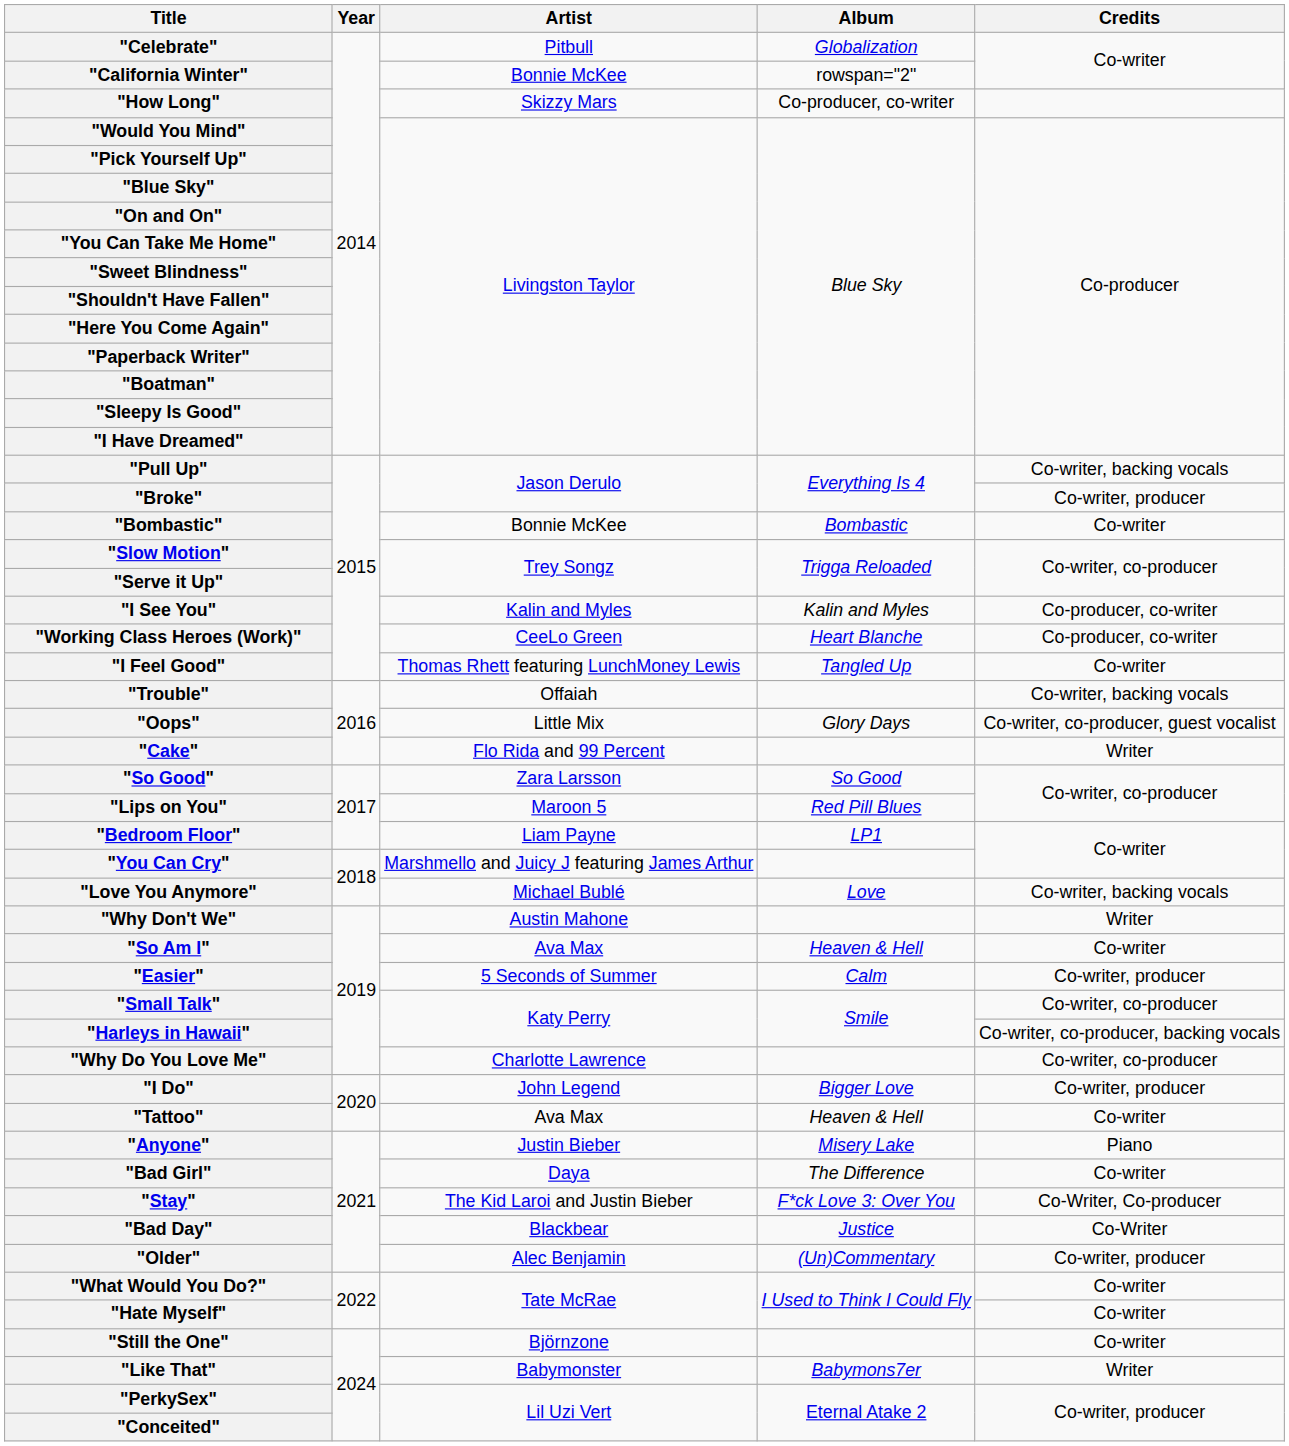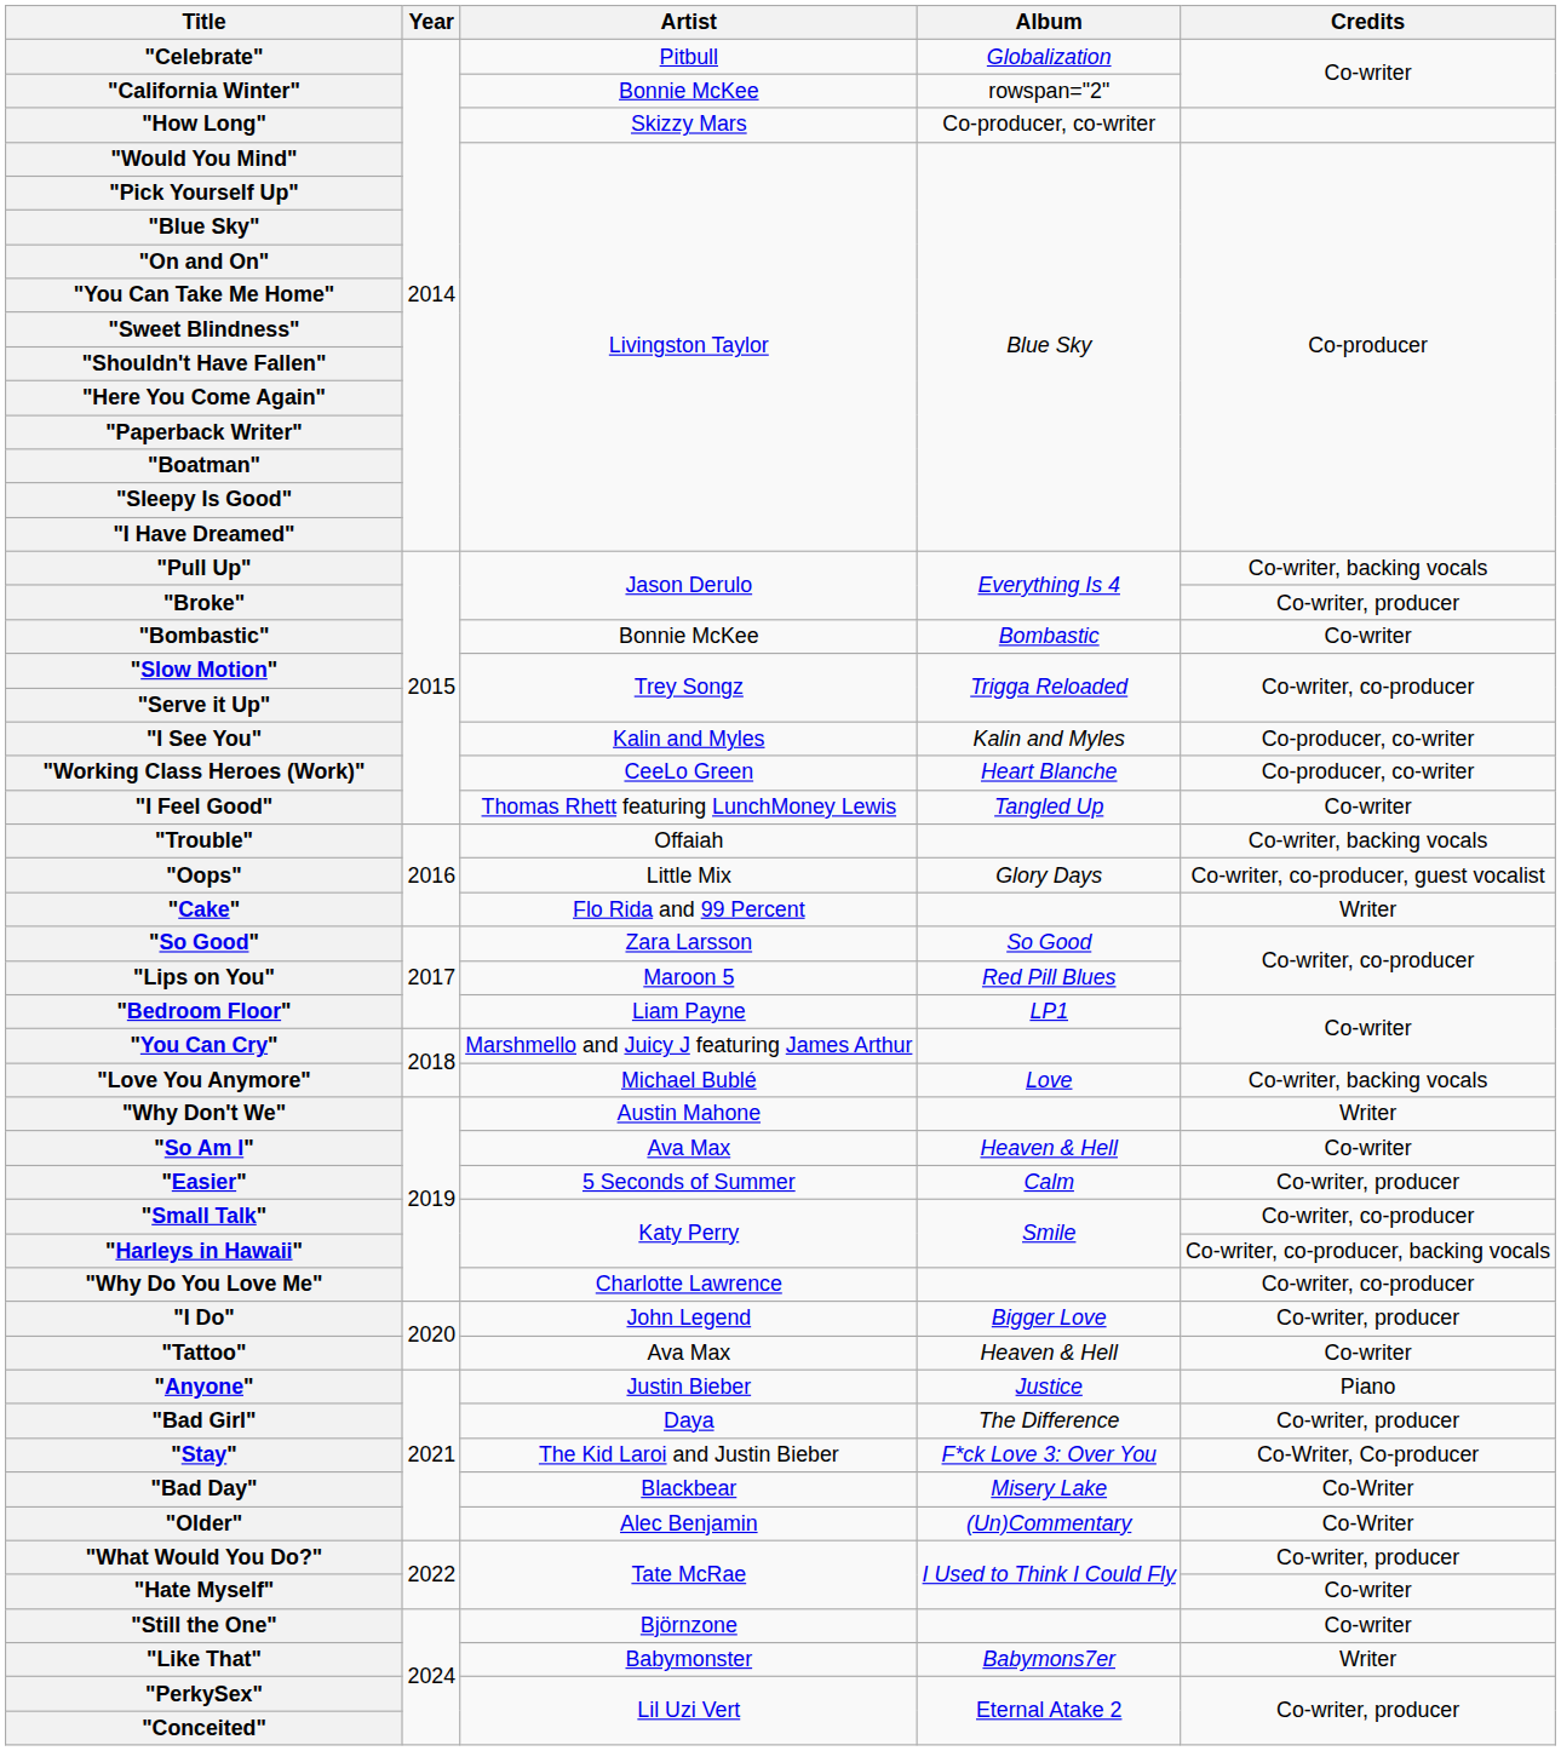 <table class="wikitable plainrowheaders" style="text-align:center;">
 <tr>
 <th scope="col" style="width:18em;">Title</th>
 <th scope="col">Year</th>
 <th scope="col">Artist</th>
 <th scope="col">Album</th>
 <th scope="col">Credits</th>
 </tr>
 <tr>
 <th scope="row">"Celebrate"</th>
 <td rowspan="15">2014</td>
 <td><a href='#'>Pitbull</a></td>
 <td><em><a href='#'>Globalization</a></em></td>
 <td rowspan="2">Co-writer</td>
 </tr>
 <tr>
 <th scope="row">"California Winter"</th>
 <td><a href='#'>Bonnie McKee</a></td>
 <td>rowspan="2" </td>
 </tr>
 <tr>
 <th scope="row">"How Long"</th>
 <td><a href='#'>Skizzy Mars</a></td>
 <td>Co-producer, co-writer</td>
 </tr>
 <tr>
 <th scope="row">"Would You Mind"</th>
 <td rowspan="12"><a href='#'>Livingston Taylor</a></td>
 <td rowspan="12"><em>Blue Sky</em></td>
 <td rowspan="12">Co-producer</td>
 </tr>
 <tr>
 <th scope="row">"Pick Yourself Up"</th>
 </tr>
 <tr>
 <th scope="row">"Blue Sky"</th>
 </tr>
 <tr>
 <th scope="row">"On and On"</th>
 </tr>
 <tr>
 <th scope="row">"You Can Take Me Home"</th>
 </tr>
 <tr>
 <th scope="row">"Sweet Blindness"</th>
 </tr>
 <tr>
 <th scope="row">"Shouldn't Have Fallen"</th>
 </tr>
 <tr>
 <th scope="row">"Here You Come Again"</th>
 </tr>
 <tr>
 <th scope="row">"Paperback Writer"</th>
 </tr>
 <tr>
 <th scope="row">"Boatman"</th>
 </tr>
 <tr>
 <th scope="row">"Sleepy Is Good"</th>
 </tr>
 <tr>
 <th scope="row">"I Have Dreamed"</th>
 </tr>
 <tr>
 <th scope="row">"Pull Up"</th>
 <td rowspan="8">2015</td>
 <td rowspan="2"><a href='#'>Jason Derulo</a></td>
 <td rowspan="2"><em><a href='#'>Everything Is 4</a></em></td>
 <td>Co-writer, backing vocals</td>
 </tr>
 <tr>
 <th scope="row">"Broke"</th>
 <td>Co-writer, producer</td>
 </tr>
 <tr>
 <th scope="row">"Bombastic"</th>
 <td>Bonnie McKee</td>
 <td><em><a href='#'>Bombastic</a></em></td>
 <td>Co-writer</td>
 </tr>
 <tr>
 <th scope="row">"<a href='#'>Slow Motion</a>"</th>
 <td rowspan="2"><a href='#'>Trey Songz</a></td>
 <td rowspan="2"><em><a href='#'>Trigga Reloaded</a></em></td>
 <td rowspan="2">Co-writer, co-producer</td>
 </tr>
 <tr>
 <th scope="row">"Serve it Up"</th>
 </tr>
 <tr>
 <th scope="row">"I See You"</th>
 <td><a href='#'>Kalin and Myles</a></td>
 <td><em>Kalin and Myles</em></td>
 <td>Co-producer, co-writer</td>
 </tr>
 <tr>
 <th scope="row">"Working Class Heroes (Work)"</th>
 <td><a href='#'>CeeLo Green</a></td>
 <td><em><a href='#'>Heart Blanche</a></em></td>
 <td>Co-producer, co-writer</td>
 </tr>
 <tr>
 <th scope="row">"I Feel Good"</th>
 <td><a href='#'>Thomas Rhett</a> featuring <a href='#'>LunchMoney Lewis</a></td>
 <td><em><a href='#'>Tangled Up</a></em></td>
 <td>Co-writer</td>
 </tr>
 <tr>
 <th scope="row">"Trouble"</th>
 <td rowspan="3">2016</td>
 <td>Offaiah</td>
 <td></td>
 <td>Co-writer, backing vocals</td>
 </tr>
 <tr>
 <th scope="row">"Oops"</th>
 <td>Little Mix</td>
 <td><em>Glory Days</em></td>
 <td>Co-writer, co-producer, guest vocalist</td>
 </tr>
 <tr>
 <th scope="row">"<a href='#'>Cake</a>"</th>
 <td><a href='#'>Flo Rida</a> and <a href='#'>99 Percent</a></td>
 <td></td>
 <td>Writer</td>
 </tr>
 <tr>
 <th scope="row">"<a href='#'>So Good</a>"</th>
 <td rowspan="3">2017</td>
 <td><a href='#'>Zara Larsson</a></td>
 <td><em><a href='#'>So Good</a></em></td>
 <td rowspan="2">Co-writer, co-producer</td>
 </tr>
 <tr>
 <th scope="row">"Lips on You"</th>
 <td><a href='#'>Maroon 5</a></td>
 <td><em><a href='#'>Red Pill Blues</a></em></td>
 </tr>
 <tr>
 <th scope="row">"<a href='#'>Bedroom Floor</a>"</th>
 <td><a href='#'>Liam Payne</a></td>
 <td><em><a href='#'>LP1</a></em></td>
 <td rowspan="2">Co-writer</td>
 </tr>
 <tr>
 <th scope="row">"<a href='#'>You Can Cry</a>"</th>
 <td rowspan="2">2018</td>
 <td><a href='#'>Marshmello</a> and <a href='#'>Juicy J</a> featuring <a href='#'>James Arthur</a></td>
 <td></td>
 </tr>
 <tr>
 <th scope="row">"Love You Anymore"</th>
 <td><a href='#'>Michael Bublé</a></td>
 <td><em><a href='#'>Love</a></em></td>
 <td>Co-writer, backing vocals</td>
 </tr>
 <tr>
 <th scope="row">"Why Don't We"</th>
 <td rowspan="6">2019</td>
 <td><a href='#'>Austin Mahone</a></td>
 <td></td>
 <td>Writer</td>
 </tr>
 <tr>
 <th scope="row">"<a href='#'>So Am I</a>"</th>
 <td><a href='#'>Ava Max</a></td>
 <td><em><a href='#'>Heaven & Hell</a></em></td>
 <td>Co-writer</td>
 </tr>
 <tr>
 <th scope="row">"<a href='#'>Easier</a>"</th>
 <td><a href='#'>5 Seconds of Summer</a></td>
 <td><em><a href='#'>Calm</a></em></td>
 <td>Co-writer, producer</td>
 </tr>
 <tr>
 <th scope="row">"<a href='#'>Small Talk</a>"</th>
 <td rowspan="2"><a href='#'>Katy Perry</a></td>
 <td rowspan="2"><em><a href='#'>Smile</a></em></td>
 <td>Co-writer, co-producer</td>
 </tr>
 <tr>
 <th scope="row">"<a href='#'>Harleys in Hawaii</a>"</th>
 <td>Co-writer, co-producer, backing vocals</td>
 </tr>
 <tr>
 <th scope="row">"Why Do You Love Me"</th>
 <td><a href='#'>Charlotte Lawrence</a></td>
 <td></td>
 <td>Co-writer, co-producer</td>
 </tr>
 <tr>
 <th scope="row">"I Do"</th>
 <td rowspan="2">2020</td>
 <td><a href='#'>John Legend</a></td>
 <td><em><a href='#'>Bigger Love</a></em></td>
 <td>Co-writer, producer</td>
 </tr>
 <tr>
 <th scope="row">"Tattoo"</th>
 <td>Ava Max</td>
 <td><em>Heaven & Hell</em></td>
 <td>Co-writer</td>
 </tr>
 <tr>
 <th scope="row">"<a href='#'>Anyone</a>"</th>
 <td rowspan="5">2021</td>
 <td><a href='#'>Justin Bieber</a></td>
-<td><em><a href='#'>Misery Lake</a></em></td>
+<td><em><a href='#'>Justice</a></em></td>
 <td>Piano</td>
 </tr>
 <tr>
 <th scope="row">"Bad Girl"</th>
 <td><a href='#'>Daya</a></td>
 <td><em>The Difference</em></td>
-<td>Co-writer</td>
+<td>Co-writer, producer</td>
 </tr>
 <tr>
 <th scope="row">"<a href='#'>Stay</a>"</th>
 <td><a href='#'>The Kid Laroi</a> and Justin Bieber</td>
 <td><em><a href='#'>F*ck Love 3: Over You</a></em></td>
 <td>Co-Writer, Co-producer</td>
 </tr>
 <tr>
 <th scope="row">"Bad Day"</th>
 <td><a href='#'>Blackbear</a></td>
-<td><em><a href='#'>Justice</a></em></td>
+<td><em><a href='#'>Misery Lake</a></em></td>
 <td>Co-Writer</td>
 </tr>
 <tr>
 <th scope="row">"Older"</th>
 <td><a href='#'>Alec Benjamin</a></td>
 <td><em><a href='#'>(Un)Commentary</a></em></td>
-<td>Co-writer, producer</td>
+<td>Co-Writer</td>
 </tr>
 <tr>
 <th scope="row">"What Would You Do?"</th>
 <td rowspan="2">2022</td>
 <td rowspan="2"><a href='#'>Tate McRae</a></td>
 <td rowspan="2"><em><a href='#'>I Used to Think I Could Fly</a></em></td>
-<td>Co-writer</td>
+<td>Co-writer, producer</td>
 </tr>
 <tr>
 <th scope="row">"Hate Myself"</th>
 <td>Co-writer</td>
 </tr>
 <tr>
 <th scope="row">"Still the One"</th>
 <td rowspan="4">2024</td>
 <td><a href='#'>Björnzone</a></td>
 <td></td>
 <td>Co-writer</td>
 </tr>
 <tr>
 <th scope="row">"Like That"</th>
 <td><a href='#'>Babymonster</a></td>
 <td><em><a href='#'>Babymons7er</a></em></td>
 <td>Writer</td>
 </tr>
 <tr>
 <th scope="row">"PerkySex"</th>
 <td rowspan="2"><a href='#'>Lil Uzi Vert</a></td>
 <td rowspan="2"><a href='#'>Eternal Atake 2</a></td>
 <td rowspan="2">Co-writer, producer</td>
 </tr>
 <tr>
 <th scope="row">"Conceited"</th>
 </tr>
 </table>
